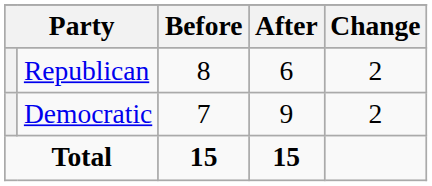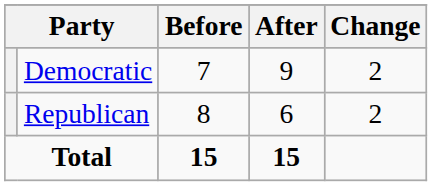 <table class="wikitable" style="text-align:center;">
 <tr>
 </tr>
 <tr>
 <th colspan=2>Party</th>
 <th>Before</th>
 <th>After</th>
 <th>Change</th>
 </tr>
 <tr>
 <th style="background-color:"></th>
-<td style="text-align:left;"><a href='#'>Republican</a></td>
-<td>8</td>
-<td>6</td>
+<td style="text-align:left;"><a href='#'>Democratic</a></td>
+<td>7</td>
+<td>9</td>
 <td> 2</td>
 </tr>
 <tr>
 <th style="background-color:"></th>
-<td style="text-align:left;"><a href='#'>Democratic</a></td>
-<td>7</td>
-<td>9</td>
+<td style="text-align:left;"><a href='#'>Republican</a></td>
+<td>8</td>
+<td>6</td>
 <td> 2</td>
 </tr>
 <tr>
 <td colspan=2><strong>Total</strong></td>
 <td><strong>15</strong></td>
 <td><strong>15</strong></td>
 <td></td>
 </tr>
 </table>
